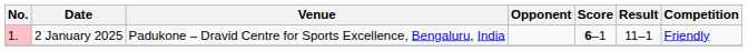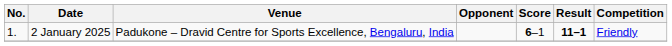 <table class="wikitable">
 <tr>
 <th>No.</th>
 <th>Date</th>
 <th>Venue</th>
 <th>Opponent</th>
 <th>Score</th>
 <th>Result</th>
 <th>Competition</th>
 </tr>
 <tr>
-<td style="background: pink;">1.</td>
+<td>1.</td>
 <td>2 January 2025</td>
 <td>Padukone – Dravid Centre for Sports Excellence, <a href='#'>Bengaluru</a>, <a href='#'>India</a></td>
 <td></td>
 <td align=center><strong>6</strong>–1</td>
-<td align=center>11–1</td>
+<td align=center><strong>11–1</strong></td>
 <td><a href='#'>Friendly</a></td>
 </tr>
 <tr>
 </tr>
 </table>
